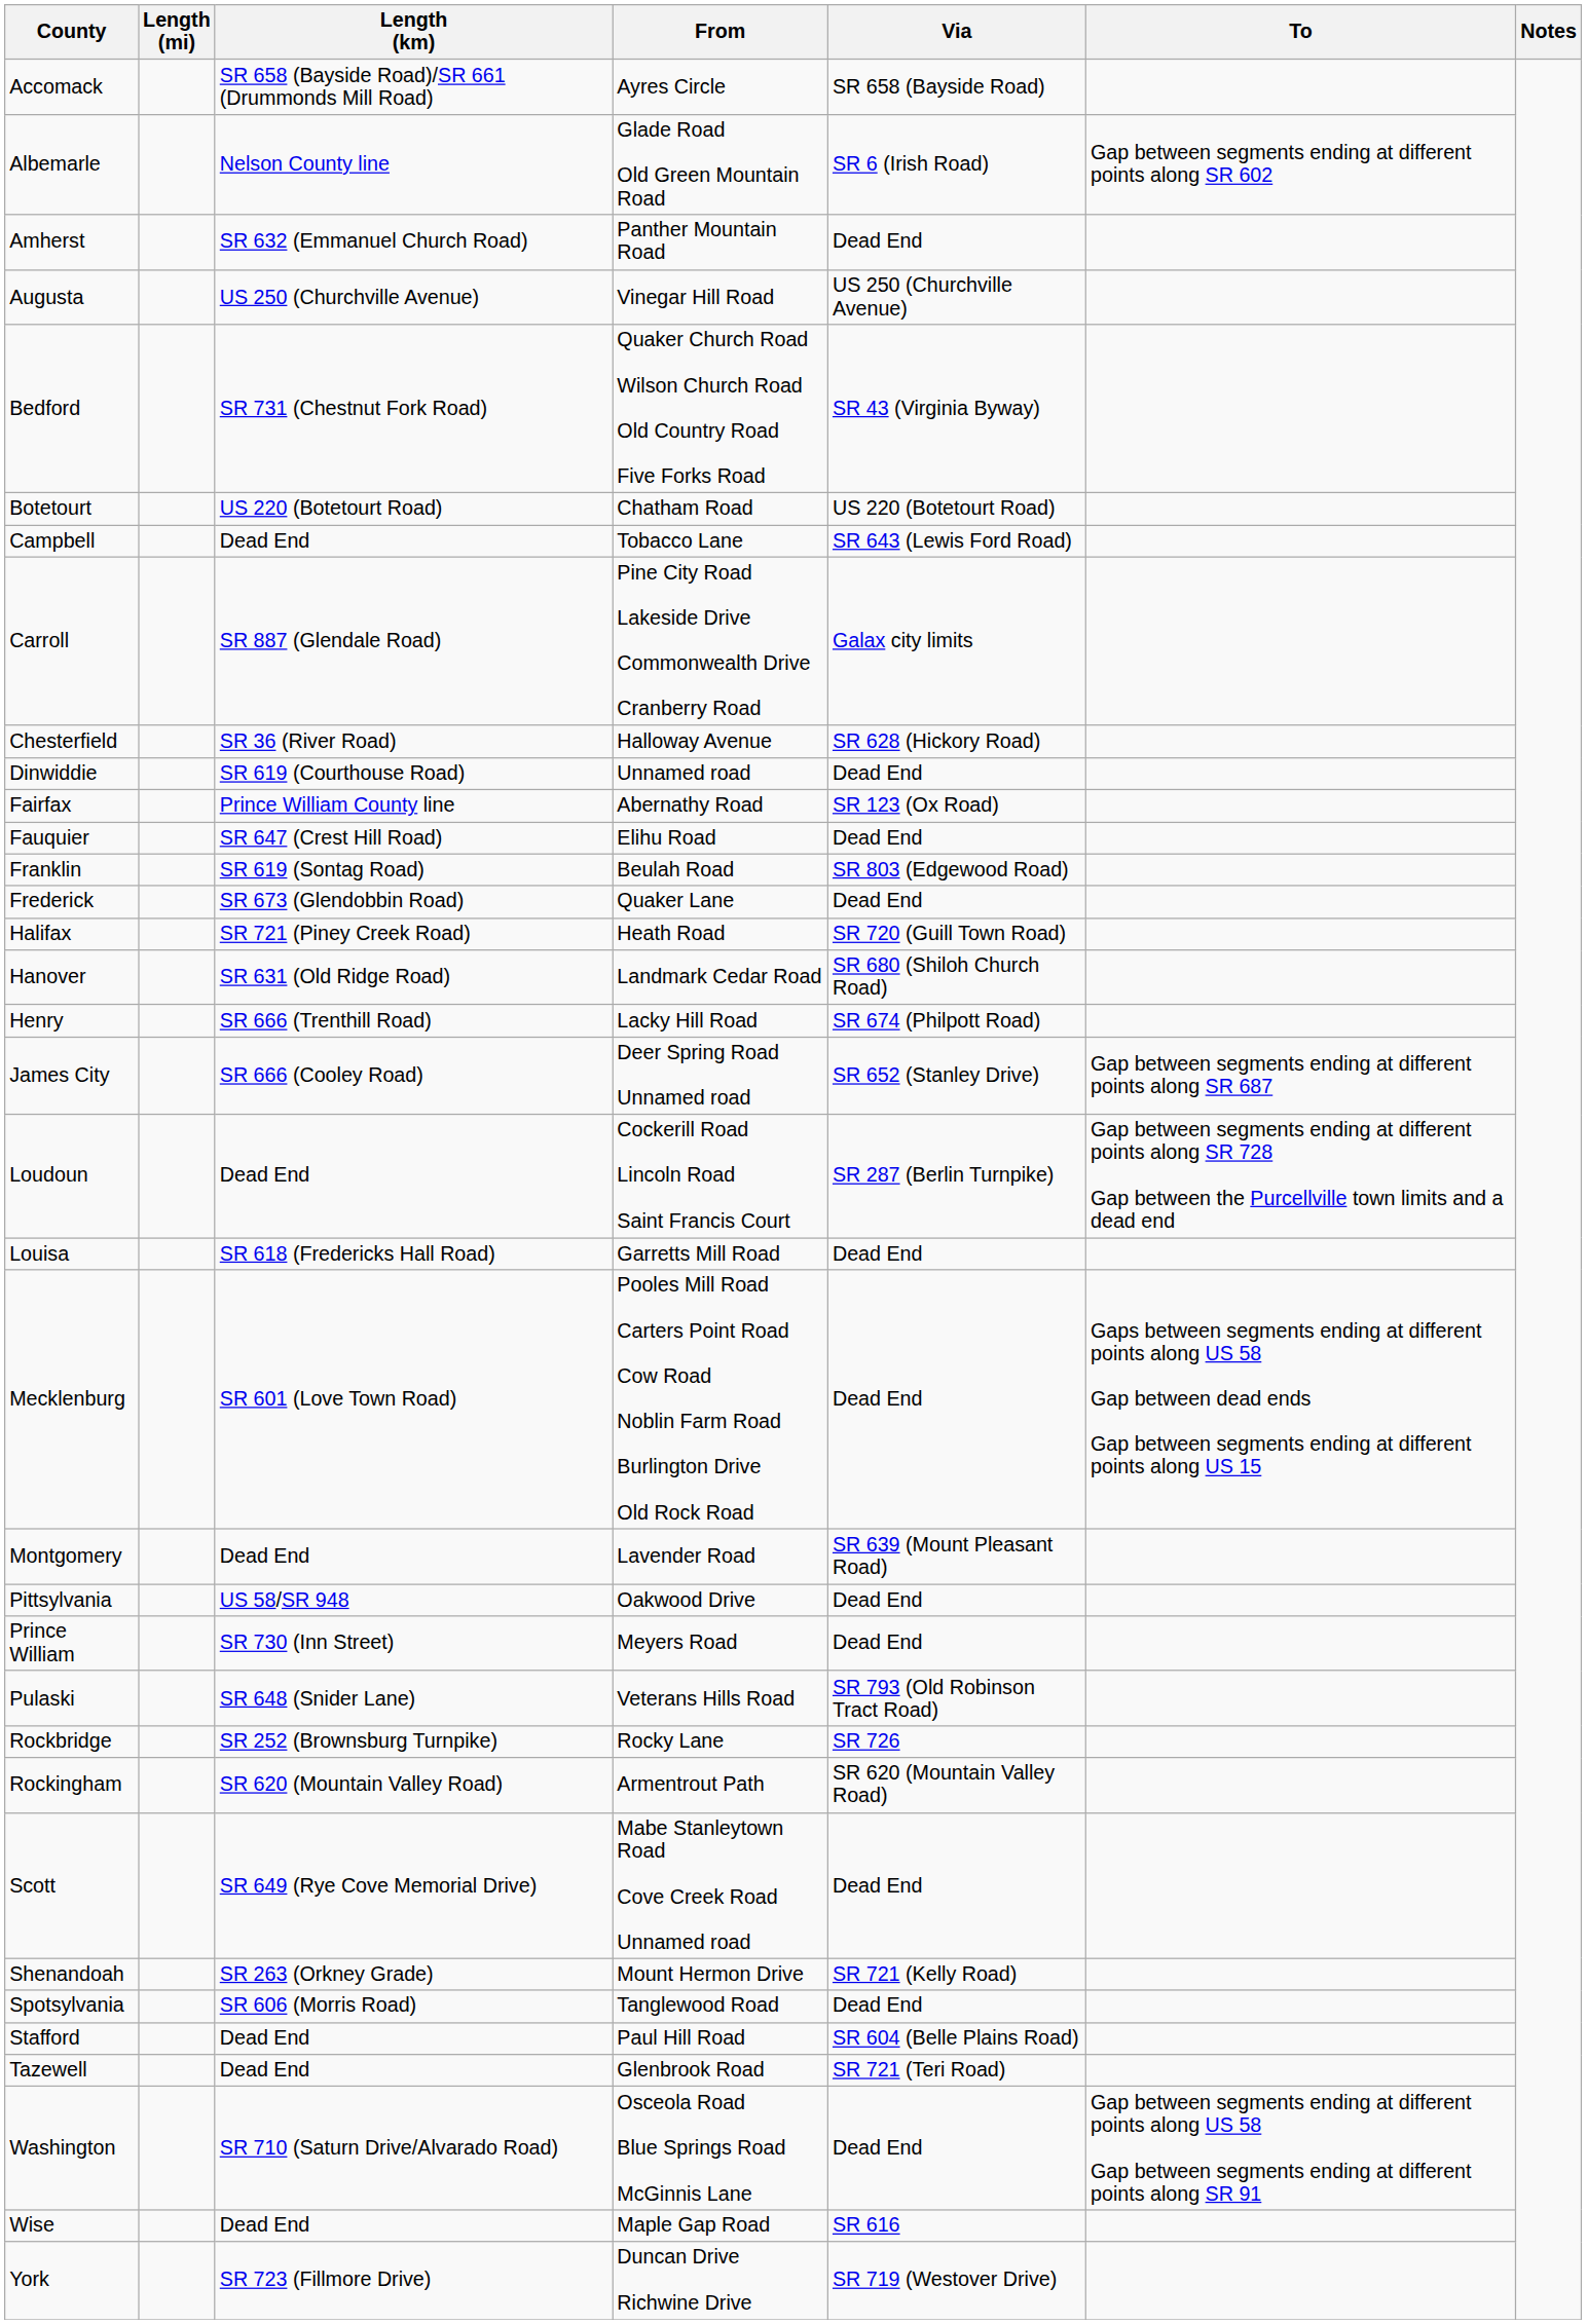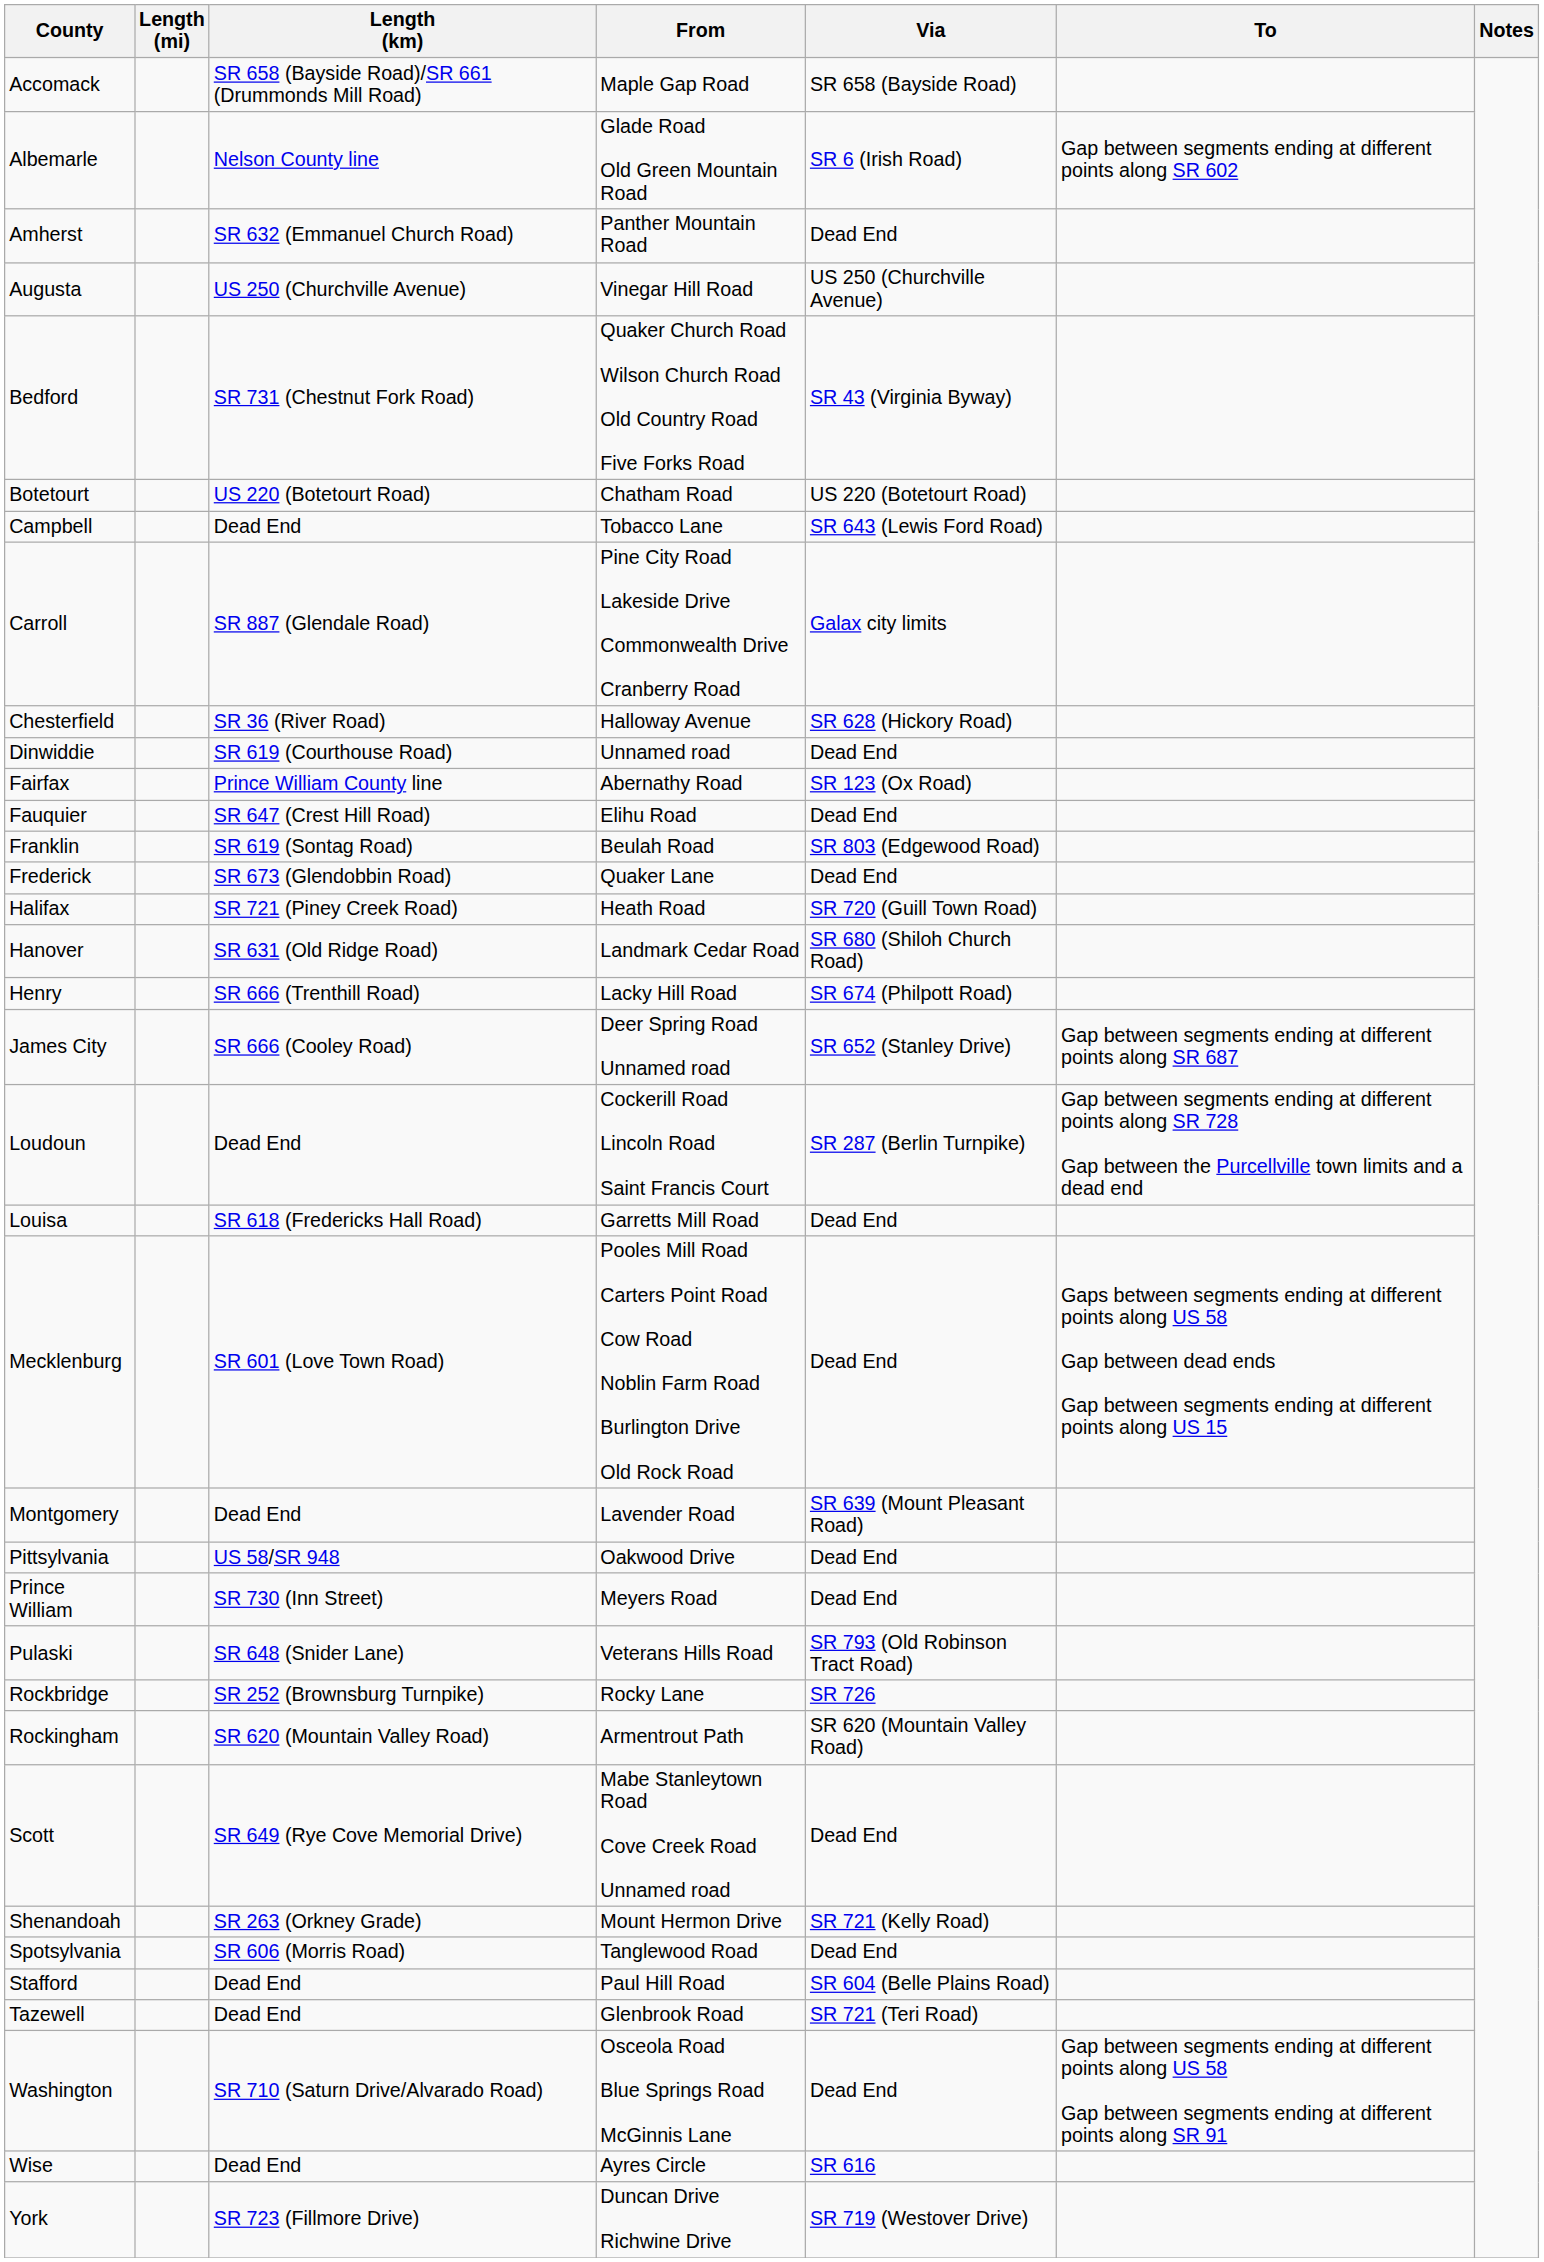 <table class="wikitable sortable">
 <tr>
 <th>County</th>
 <th>Length<br>(mi)</th>
 <th>Length<br>(km)</th>
 <th class="unsortable">From</th>
 <th class="unsortable">Via</th>
 <th class="unsortable">To</th>
 <th class="unsortable">Notes</th>
 </tr>
 <tr>
 <td id="Accomack">Accomack</td>
 <td></td>
 <td><a href='#'>SR 658</a> (Bayside Road)/<a href='#'>SR 661</a> (Drummonds Mill Road)</td>
-<td>Ayres Circle</td>
+<td>Maple Gap Road</td>
 <td>SR 658 (Bayside Road)</td>
 <td></td>
 </tr>
 <tr>
 <td id="Albemarle">Albemarle</td>
 <td></td>
 <td><a href='#'>Nelson County line</a></td>
 <td>Glade Road<br><br>Old Green Mountain Road</td>
 <td><a href='#'>SR 6</a> (Irish Road)</td>
 <td>Gap between segments ending at different points along <a href='#'>SR 602</a><br> </td>
 </tr>
 <tr>
 <td id="Amherst">Amherst</td>
 <td></td>
 <td><a href='#'>SR 632</a> (Emmanuel Church Road)</td>
 <td>Panther Mountain Road</td>
 <td>Dead End</td>
 <td><br> </td>
 </tr>
 <tr>
 <td id="Augusta">Augusta</td>
 <td></td>
 <td><a href='#'>US 250</a> (Churchville Avenue)</td>
 <td>Vinegar Hill Road</td>
 <td>US 250 (Churchville Avenue)</td>
 <td><br></td>
 </tr>
 <tr>
 <td id="Bedford">Bedford</td>
 <td></td>
 <td><a href='#'>SR 731</a> (Chestnut Fork Road)</td>
 <td>Quaker Church Road<br><br>Wilson Church Road<br><br>Old Country Road<br><br>Five Forks Road</td>
 <td><a href='#'>SR 43</a> (Virginia Byway)</td>
 <td><br></td>
 </tr>
 <tr>
 <td id="Botetourt">Botetourt</td>
 <td></td>
 <td><a href='#'>US 220</a> (Botetourt Road)</td>
 <td>Chatham Road</td>
 <td>US 220 (Botetourt Road)</td>
 <td><br>  </td>
 </tr>
 <tr>
 <td id="Campbell">Campbell</td>
 <td></td>
 <td>Dead End</td>
 <td>Tobacco Lane</td>
 <td><a href='#'>SR 643</a> (Lewis Ford Road)</td>
 <td><br></td>
 </tr>
 <tr>
 <td id="Carroll">Carroll</td>
 <td></td>
 <td><a href='#'>SR 887</a> (Glendale Road)</td>
 <td>Pine City Road<br><br>Lakeside Drive<br><br>Commonwealth Drive<br><br>Cranberry Road</td>
 <td><a href='#'>Galax</a> city limits</td>
 <td><br> </td>
 </tr>
 <tr>
 <td id="Chesterfield">Chesterfield</td>
 <td></td>
 <td><a href='#'>SR 36</a> (River Road)</td>
 <td>Halloway Avenue</td>
 <td><a href='#'>SR 628</a> (Hickory Road)</td>
 <td><br>    </td>
 </tr>
 <tr>
 <td id="Dinwiddie">Dinwiddie</td>
 <td></td>
 <td><a href='#'>SR 619</a> (Courthouse Road)</td>
 <td>Unnamed road</td>
 <td>Dead End</td>
 <td><br></td>
 </tr>
 <tr>
 <td id="Fairfax">Fairfax</td>
 <td></td>
 <td><a href='#'>Prince William County</a> line</td>
 <td>Abernathy Road</td>
 <td><a href='#'>SR 123</a> (Ox Road)</td>
 <td></td>
 </tr>
 <tr>
 <td id="Fauquier">Fauquier</td>
 <td></td>
 <td><a href='#'>SR 647</a> (Crest Hill Road)</td>
 <td>Elihu Road</td>
 <td>Dead End</td>
 <td><br> </td>
 </tr>
 <tr>
 <td id="Franklin">Franklin</td>
 <td></td>
 <td><a href='#'>SR 619</a> (Sontag Road)</td>
 <td>Beulah Road</td>
 <td><a href='#'>SR 803</a> (Edgewood Road)</td>
 <td></td>
 </tr>
 <tr>
 <td id="Frederick">Frederick</td>
 <td></td>
 <td><a href='#'>SR 673</a> (Glendobbin Road)</td>
 <td>Quaker Lane</td>
 <td>Dead End</td>
 <td><br>     </td>
 </tr>
 <tr>
 <td id="Halifax">Halifax</td>
 <td></td>
 <td><a href='#'>SR 721</a> (Piney Creek Road)</td>
 <td>Heath Road</td>
 <td><a href='#'>SR 720</a> (Guill Town Road)</td>
 <td></td>
 </tr>
 <tr>
 <td id="Hanover">Hanover</td>
 <td></td>
 <td><a href='#'>SR 631</a> (Old Ridge Road)</td>
 <td>Landmark Cedar Road</td>
 <td><a href='#'>SR 680</a> (Shiloh Church Road)</td>
 <td><br></td>
 </tr>
 <tr>
 <td id="Henry">Henry</td>
 <td></td>
 <td><a href='#'>SR 666</a> (Trenthill Road)</td>
 <td>Lacky Hill Road</td>
 <td><a href='#'>SR 674</a> (Philpott Road)</td>
 <td><br> </td>
 </tr>
 <tr>
 <td id="James City">James City</td>
 <td></td>
 <td><a href='#'>SR 666</a> (Cooley Road)</td>
 <td>Deer Spring Road<br><br>Unnamed road</td>
 <td><a href='#'>SR 652</a> (Stanley Drive)</td>
 <td>Gap between segments ending at different points along <a href='#'>SR 687</a><br>    </td>
 </tr>
 <tr>
 <td id="Loudoun">Loudoun</td>
 <td></td>
 <td>Dead End</td>
 <td>Cockerill Road<br><br>Lincoln Road<br><br>Saint Francis Court</td>
 <td><a href='#'>SR 287</a> (Berlin Turnpike)</td>
 <td>Gap between segments ending at different points along <a href='#'>SR 728</a><br><br>Gap between the <a href='#'>Purcellville</a> town limits and a dead end</td>
 </tr>
 <tr>
 <td id="Louisa">Louisa</td>
 <td></td>
 <td><a href='#'>SR 618</a> (Fredericks Hall Road)</td>
 <td>Garretts Mill Road</td>
 <td>Dead End</td>
 <td><br>  </td>
 </tr>
 <tr>
 <td id="Mecklenburg">Mecklenburg</td>
 <td></td>
 <td><a href='#'>SR 601</a> (Love Town Road)</td>
 <td>Pooles Mill Road<br><br>Carters Point Road<br><br>Cow Road<br><br>Noblin Farm Road<br><br>Burlington Drive<br><br>Old Rock Road</td>
 <td>Dead End</td>
 <td>Gaps between segments ending at different points along <a href='#'>US 58</a><br><br>Gap between dead ends<br><br>Gap between segments ending at different points along <a href='#'>US 15</a><br></td>
 </tr>
 <tr>
 <td id="Montgomery">Montgomery</td>
 <td></td>
 <td>Dead End</td>
 <td>Lavender Road</td>
 <td><a href='#'>SR 639</a> (Mount Pleasant Road)</td>
 <td><br>       </td>
 </tr>
 <tr>
 <td id="Pittsylvania">Pittsylvania</td>
 <td></td>
 <td><a href='#'>US 58</a>/<a href='#'>SR 948</a></td>
 <td>Oakwood Drive</td>
 <td>Dead End</td>
 <td><br>  </td>
 </tr>
 <tr>
 <td id="Prince William">Prince William</td>
 <td></td>
 <td><a href='#'>SR 730</a> (Inn Street)</td>
 <td>Meyers Road</td>
 <td>Dead End</td>
 <td></td>
 </tr>
 <tr>
 <td id="Pulaski">Pulaski</td>
 <td></td>
 <td><a href='#'>SR 648</a> (Snider Lane)</td>
 <td>Veterans Hills Road</td>
 <td><a href='#'>SR 793</a> (Old Robinson Tract Road)</td>
 <td><br>  </td>
 </tr>
 <tr>
 <td id="Rockbridge">Rockbridge</td>
 <td></td>
 <td><a href='#'>SR 252</a> (Brownsburg Turnpike)</td>
 <td>Rocky Lane</td>
 <td><a href='#'>SR 726</a></td>
 <td></td>
 </tr>
 <tr>
 <td id="Rockingham">Rockingham</td>
 <td></td>
 <td><a href='#'>SR 620</a> (Mountain Valley Road)</td>
 <td>Armentrout Path</td>
 <td>SR 620 (Mountain Valley Road)</td>
 <td><br></td>
 </tr>
 <tr>
 <td id="Scott">Scott</td>
 <td></td>
 <td><a href='#'>SR 649</a> (Rye Cove Memorial Drive)</td>
 <td>Mabe Stanleytown Road<br><br>Cove Creek Road<br><br>Unnamed road</td>
 <td>Dead End</td>
 <td></td>
 </tr>
 <tr>
 <td id="Shenandoah">Shenandoah</td>
 <td></td>
 <td><a href='#'>SR 263</a> (Orkney Grade)</td>
 <td>Mount Hermon Drive</td>
 <td><a href='#'>SR 721</a> (Kelly Road)</td>
 <td><br> </td>
 </tr>
 <tr>
 <td id="Spotsylvania">Spotsylvania</td>
 <td></td>
 <td><a href='#'>SR 606</a> (Morris Road)</td>
 <td>Tanglewood Road</td>
 <td>Dead End</td>
 <td></td>
 </tr>
 <tr>
 <td id="Stafford">Stafford</td>
 <td></td>
 <td>Dead End</td>
 <td>Paul Hill Road</td>
 <td><a href='#'>SR 604</a> (Belle Plains Road)</td>
 <td><br> </td>
 </tr>
 <tr>
 <td id="Tazewell">Tazewell</td>
 <td></td>
 <td>Dead End</td>
 <td>Glenbrook Road</td>
 <td><a href='#'>SR 721</a> (Teri Road)</td>
 <td><br></td>
 </tr>
 <tr>
 <td id="Washington">Washington</td>
 <td></td>
 <td><a href='#'>SR 710</a> (Saturn Drive/Alvarado Road)</td>
 <td>Osceola Road<br><br>Blue Springs Road<br><br>McGinnis Lane</td>
 <td>Dead End</td>
 <td>Gap between segments ending at different points along <a href='#'>US 58</a><br><br>Gap between segments ending at different points along <a href='#'>SR 91</a><br></td>
 </tr>
 <tr>
 <td id="Wise">Wise</td>
 <td></td>
 <td>Dead End</td>
-<td>Maple Gap Road</td>
+<td>Ayres Circle</td>
 <td><a href='#'>SR 616</a></td>
 <td><br></td>
 </tr>
 <tr>
 <td id="York">York</td>
 <td></td>
 <td><a href='#'>SR 723</a> (Fillmore Drive)</td>
 <td>Duncan Drive<br><br>Richwine Drive</td>
 <td><a href='#'>SR 719</a> (Westover Drive)</td>
 <td></td>
 </tr>
 </table>
